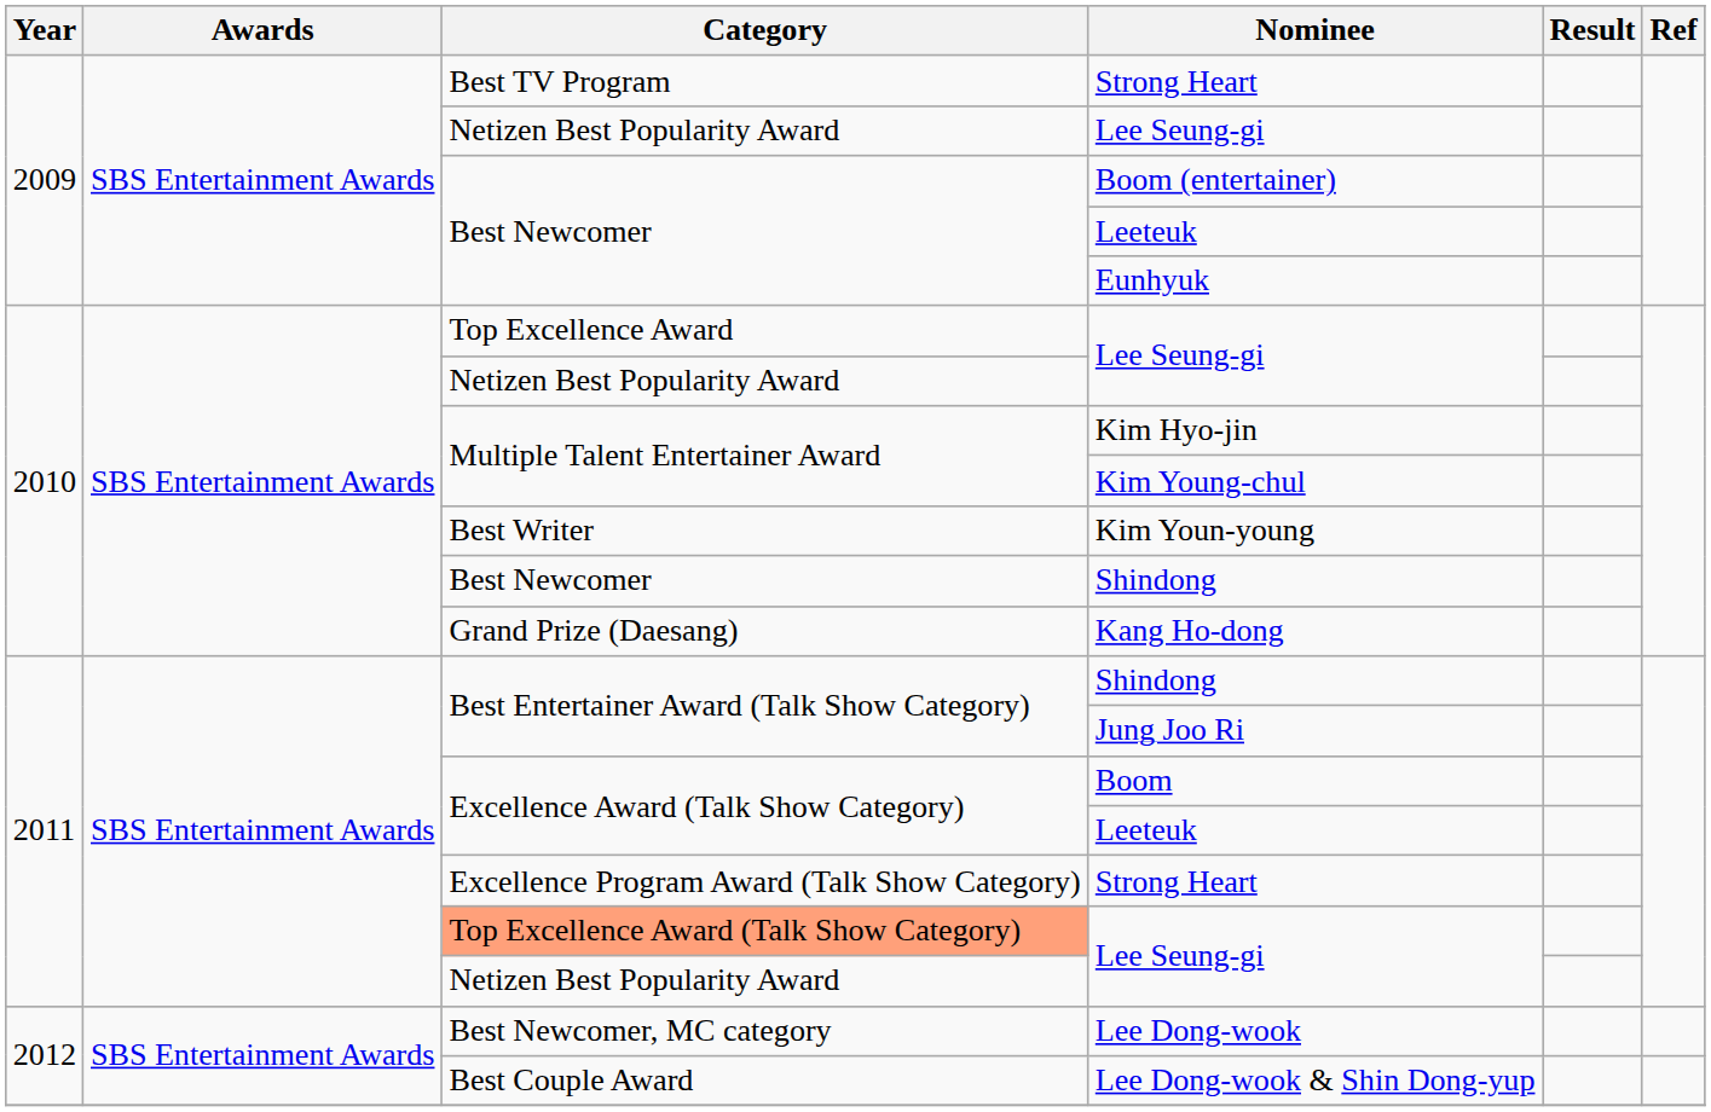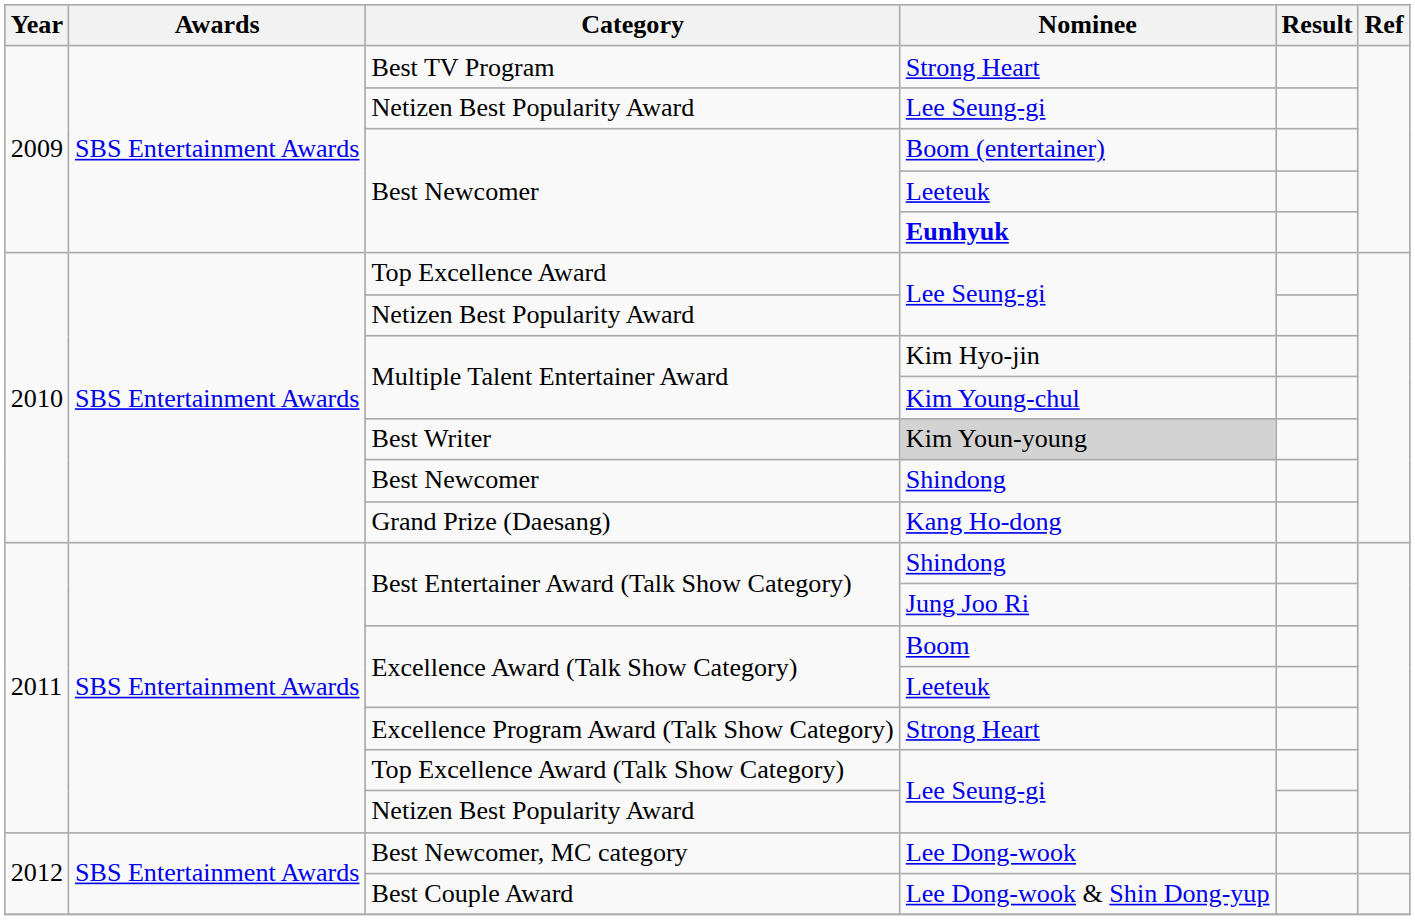 <table class="wikitable">
 <tr>
 <th>Year</th>
 <th>Awards</th>
 <th>Category</th>
 <th>Nominee</th>
 <th>Result</th>
 <th>Ref</th>
 </tr>
 <tr>
 <td rowspan=5>2009</td>
 <td rowspan=5><a href='#'>SBS Entertainment Awards</a></td>
 <td>Best TV Program</td>
 <td><a href='#'>Strong Heart</a></td>
 <td></td>
 <td rowspan=5></td>
 </tr>
 <tr>
 <td>Netizen Best Popularity Award</td>
 <td><a href='#'>Lee Seung-gi</a></td>
 <td></td>
 </tr>
 <tr>
 <td rowspan=3>Best Newcomer</td>
 <td><a href='#'>Boom (entertainer)</a></td>
 <td></td>
 </tr>
 <tr>
 <td><a href='#'>Leeteuk</a></td>
 <td></td>
 </tr>
 <tr>
-<td><a href='#'>Eunhyuk</a></td>
+<td><strong><a href='#'>Eunhyuk</a></strong></td>
 <td></td>
 </tr>
 <tr>
 <td rowspan=7>2010</td>
 <td rowspan=7><a href='#'>SBS Entertainment Awards</a></td>
 <td>Top Excellence Award</td>
 <td rowspan=2><a href='#'>Lee Seung-gi</a></td>
 <td></td>
 <td rowspan=7></td>
 </tr>
 <tr>
 <td>Netizen Best Popularity Award</td>
 <td></td>
 </tr>
 <tr>
 <td rowspan=2>Multiple Talent Entertainer Award</td>
 <td>Kim Hyo-jin</td>
 <td></td>
 </tr>
 <tr>
 <td><a href='#'>Kim Young-chul</a></td>
 <td></td>
 </tr>
 <tr>
 <td>Best Writer</td>
-<td>Kim Youn-young</td>
+<td style="background: lightgrey;">Kim Youn-young</td>
 <td></td>
 </tr>
 <tr>
 <td>Best Newcomer</td>
 <td><a href='#'>Shindong</a></td>
 <td></td>
 </tr>
 <tr>
 <td>Grand Prize (Daesang)</td>
 <td><a href='#'>Kang Ho-dong</a></td>
 <td></td>
 </tr>
 <tr>
 <td rowspan=7>2011</td>
 <td rowspan=7><a href='#'>SBS Entertainment Awards</a></td>
 <td rowspan=2>Best Entertainer Award (Talk Show Category)</td>
 <td><a href='#'>Shindong</a></td>
 <td></td>
 <td rowspan=7></td>
 </tr>
 <tr>
 <td><a href='#'>Jung Joo Ri</a></td>
 <td></td>
 </tr>
 <tr>
 <td rowspan=2>Excellence Award (Talk Show Category)</td>
 <td><a href='#'>Boom</a></td>
 <td></td>
 </tr>
 <tr>
 <td><a href='#'>Leeteuk</a></td>
 <td></td>
 </tr>
 <tr>
 <td>Excellence Program Award (Talk Show Category)</td>
 <td><a href='#'>Strong Heart</a></td>
 <td></td>
 </tr>
 <tr>
-<td style="background: lightsalmon;">Top Excellence Award (Talk Show Category)</td>
+<td>Top Excellence Award (Talk Show Category)</td>
 <td rowspan=2><a href='#'>Lee Seung-gi</a></td>
 <td></td>
 </tr>
 <tr>
 <td>Netizen Best Popularity Award</td>
 <td></td>
 </tr>
 <tr>
 <td rowspan=2>2012</td>
 <td rowspan=2><a href='#'>SBS Entertainment Awards</a></td>
 <td>Best Newcomer, MC category</td>
 <td><a href='#'>Lee Dong-wook</a></td>
 <td></td>
 <td></td>
 </tr>
 <tr>
 <td>Best Couple Award</td>
 <td><a href='#'>Lee Dong-wook</a> & <a href='#'>Shin Dong-yup</a></td>
 <td></td>
 <td></td>
 </tr>
 <tr>
 </tr>
 </table>
